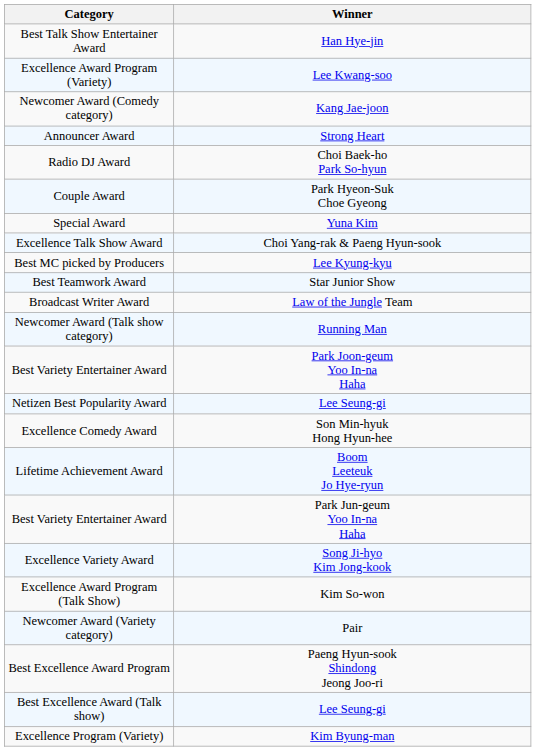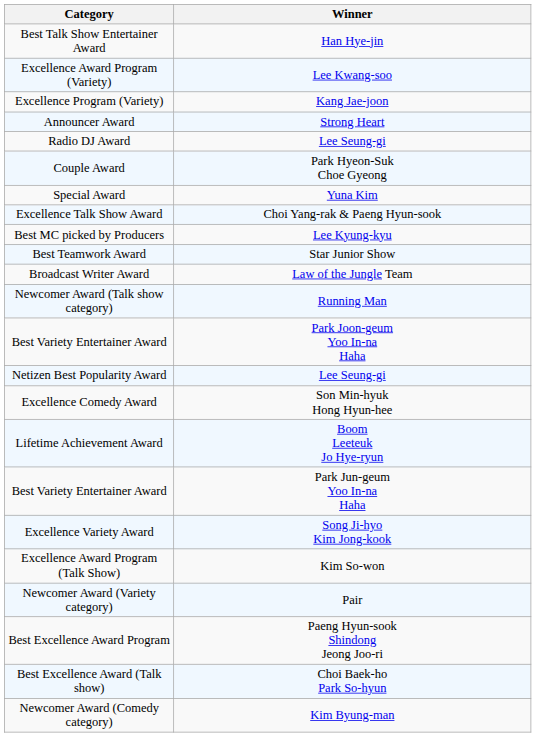 <table class="wikitable sortable">
 <tr align=center>
 <th style="width:210px">Category</th>
 <th style="width:450px">Winner</th>
 </tr>
 <tr align=center>
 <td>Best Talk Show Entertainer Award</td>
 <td><a href='#'>Han Hye-jin</a></td>
 </tr>
 <tr align=center style="background:#F0F8FF">
 <td>Excellence Award Program (Variety)</td>
 <td><a href='#'>Lee Kwang-soo</a></td>
 </tr>
 <tr align=center>
-<td>Newcomer Award (Comedy category)</td>
+<td>Excellence Program (Variety)</td>
 <td><a href='#'>Kang Jae-joon</a></td>
 </tr>
 <tr align=center style="background:#F0F8FF">
 <td>Announcer Award</td>
 <td><a href='#'>Strong Heart</a></td>
 </tr>
 <tr align=center>
 <td>Radio DJ Award</td>
-<td>Choi Baek-ho <br> <a href='#'>Park So-hyun</a></td>
+<td><a href='#'>Lee Seung-gi</a></td>
 </tr>
 <tr align=center style="background:#F0F8FF">
 <td>Couple Award</td>
 <td>Park Hyeon-Suk <br> Choe Gyeong</td>
 </tr>
 <tr align=center>
 <td>Special Award</td>
 <td><a href='#'>Yuna Kim</a></td>
 </tr>
 <tr align=center style="background:#F0F8FF">
 <td>Excellence Talk Show Award</td>
 <td>Choi Yang-rak & Paeng Hyun-sook</td>
 </tr>
 <tr align=center>
 <td>Best MC picked by Producers</td>
 <td><a href='#'>Lee Kyung-kyu</a></td>
 </tr>
 <tr align=center style="background:#F0F8FF">
 <td>Best Teamwork Award</td>
 <td>Star Junior Show</td>
 </tr>
 <tr align=center>
 <td>Broadcast Writer Award</td>
 <td><a href='#'>Law of the Jungle</a> Team</td>
 </tr>
 <tr align=center style="background:#F0F8FF">
 <td>Newcomer Award (Talk show category)</td>
 <td><a href='#'>Running Man</a></td>
 </tr>
 <tr align=center>
 <td>Best Variety Entertainer Award</td>
 <td><a href='#'>Park Joon-geum</a> <br> <a href='#'>Yoo In-na</a> <br> <a href='#'>Haha</a></td>
 </tr>
 <tr align=center style="background:#F0F8FF">
 <td>Netizen Best Popularity Award</td>
 <td><a href='#'>Lee Seung-gi</a></td>
 </tr>
 <tr align=center>
 <td>Excellence Comedy Award</td>
 <td>Son Min-hyuk <br> Hong Hyun-hee</td>
 </tr>
 <tr align=center style="background:#F0F8FF">
 <td>Lifetime Achievement Award</td>
 <td><a href='#'>Boom</a> <br> <a href='#'>Leeteuk</a> <br> <a href='#'>Jo Hye-ryun</a></td>
 </tr>
 <tr align=center>
 <td>Best Variety Entertainer Award</td>
 <td>Park Jun-geum <br> <a href='#'>Yoo In-na</a> <br> <a href='#'>Haha</a></td>
 </tr>
 <tr align=center style="background:#F0F8FF">
 <td>Excellence Variety Award</td>
 <td><a href='#'>Song Ji-hyo</a> <br> <a href='#'>Kim Jong-kook</a></td>
 </tr>
 <tr align=center>
 <td>Excellence Award Program (Talk Show)</td>
 <td>Kim So-won</td>
 </tr>
 <tr align=center style="background:#F0F8FF">
 <td>Newcomer Award (Variety category)</td>
 <td>Pair</td>
 </tr>
 <tr align=center>
 <td>Best Excellence Award Program</td>
 <td>Paeng Hyun-sook <br> <a href='#'>Shindong</a> <br> Jeong Joo-ri</td>
 </tr>
 <tr align=center style="background:#F0F8FF">
 <td>Best Excellence Award (Talk show)</td>
-<td><a href='#'>Lee Seung-gi</a></td>
+<td>Choi Baek-ho <br> <a href='#'>Park So-hyun</a></td>
 </tr>
 <tr align=center>
-<td>Excellence Program (Variety)</td>
+<td>Newcomer Award (Comedy category)</td>
 <td><a href='#'>Kim Byung-man</a></td>
 </tr>
 </table>
